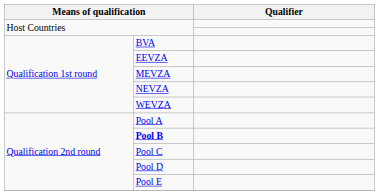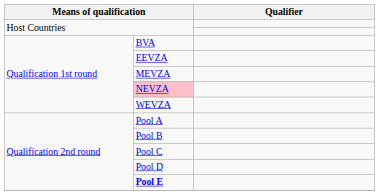 <table class="wikitable">
 <tr>
 <th colspan=2 width=30%>Means of qualification</th>
 <th width=30%>Qualifier</th>
 </tr>
 <tr>
 <td colspan=2 rowspan=2>Host Countries</td>
 <td></td>
 </tr>
 <tr>
 <td></td>
 </tr>
 <tr>
 <td rowspan=5><a href='#'>Qualification 1st round</a></td>
 <td><a href='#'>BVA</a></td>
 <td></td>
 </tr>
 <tr>
 <td><a href='#'>EEVZA</a></td>
 <td></td>
 </tr>
 <tr>
 <td><a href='#'>MEVZA</a></td>
 <td></td>
 </tr>
 <tr>
-<td><a href='#'>NEVZA</a></td>
+<td style="background: pink;"><a href='#'>NEVZA</a></td>
 <td></td>
 </tr>
 <tr>
 <td><a href='#'>WEVZA</a></td>
 <td></td>
 </tr>
 <tr>
 <td rowspan=5><a href='#'>Qualification 2nd round</a></td>
 <td><a href='#'>Pool A</a></td>
 <td></td>
 </tr>
 <tr>
-<td><strong><a href='#'>Pool B</a></strong></td>
+<td><a href='#'>Pool B</a></td>
 <td></td>
 </tr>
 <tr>
 <td><a href='#'>Pool C</a></td>
 <td></td>
 </tr>
 <tr>
 <td><a href='#'>Pool D</a></td>
 <td></td>
 </tr>
 <tr>
-<td><a href='#'>Pool E</a></td>
+<td><strong><a href='#'>Pool E</a></strong></td>
 <td></td>
 </tr>
 <tr>
 </tr>
 </table>
